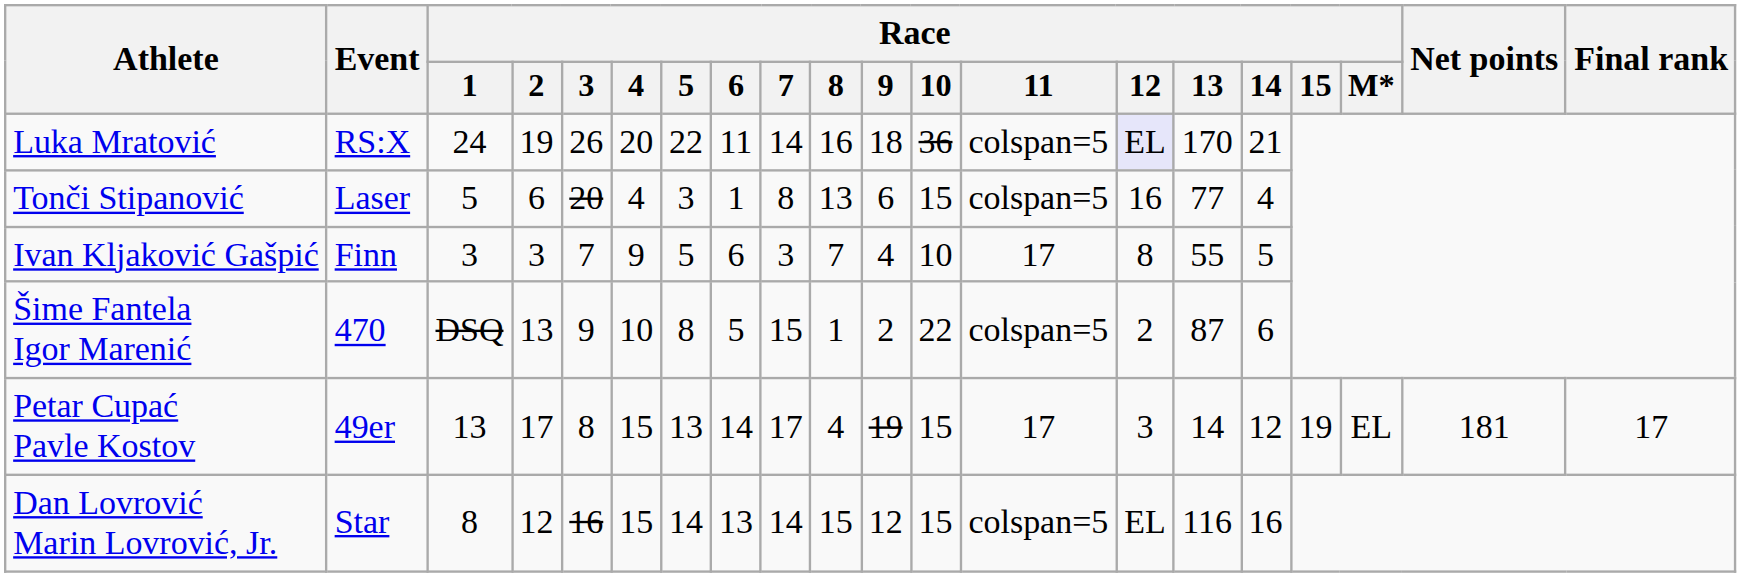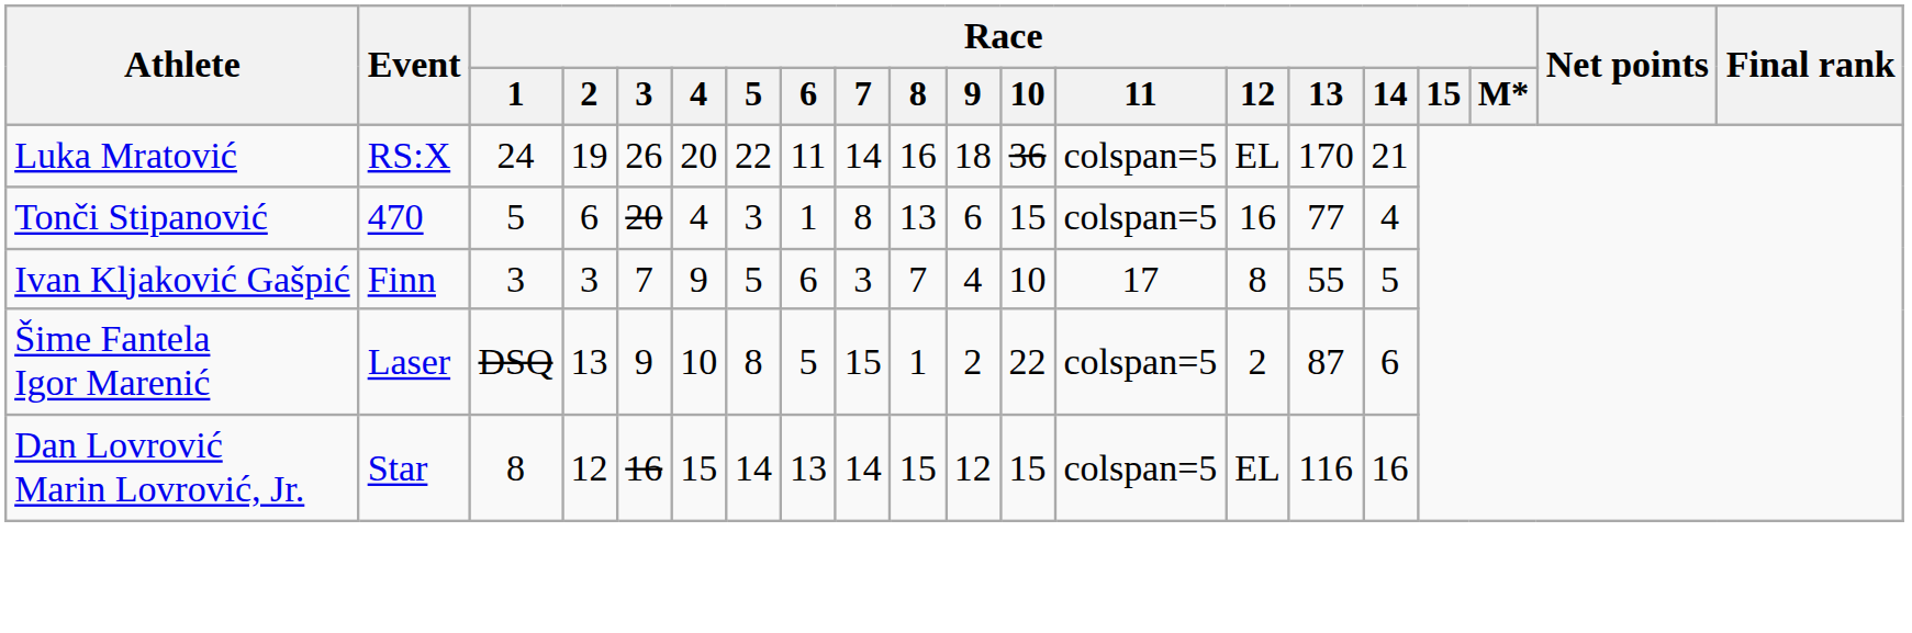 <table class="wikitable" style="font-size:90%">
 <tr>
 <th rowspan="2">Athlete</th>
 <th rowspan="2">Event</th>
 <th colspan=16>Race</th>
 <th rowspan=2>Net points</th>
 <th rowspan=2>Final rank</th>
 </tr>
 <tr style="font-size:95%">
 <th>1</th>
 <th>2</th>
 <th>3</th>
 <th>4</th>
 <th>5</th>
 <th>6</th>
 <th>7</th>
 <th>8</th>
 <th>9</th>
 <th>10</th>
 <th>11</th>
 <th>12</th>
 <th>13</th>
 <th>14</th>
 <th>15</th>
 <th>M*</th>
 </tr>
 <tr align=center>
 <td align=left><a href='#'>Luka Mratović</a></td>
 <td align=left><a href='#'>RS:X</a></td>
 <td>24</td>
 <td>19</td>
 <td>26</td>
 <td>20</td>
 <td>22</td>
 <td>11</td>
 <td>14</td>
 <td>16</td>
 <td>18</td>
 <td><s>36</s></td>
 <td>colspan=5 </td>
-<td style="background: lavender;">EL</td>
+<td>EL</td>
 <td>170</td>
 <td>21</td>
 </tr>
 <tr align=center>
 <td align=left><a href='#'>Tonči Stipanović</a></td>
-<td align=left><a href='#'>Laser</a></td>
+<td align=left><a href='#'>470</a></td>
 <td>5</td>
 <td>6</td>
 <td><s>20</s></td>
 <td>4</td>
 <td>3</td>
 <td>1</td>
 <td>8</td>
 <td>13</td>
 <td>6</td>
 <td>15</td>
 <td>colspan=5 </td>
 <td>16</td>
 <td>77</td>
 <td>4</td>
 </tr>
 <tr align=center>
 <td align=left><a href='#'>Ivan Kljaković Gašpić</a></td>
 <td align=left><a href='#'>Finn</a></td>
 <td>3</td>
 <td>3</td>
 <td>7</td>
 <td>9</td>
 <td>5</td>
 <td>6</td>
 <td>3</td>
 <td>7</td>
 <td>4</td>
 <td>10</td>
 <td>17</td>
 <td>8</td>
 <td>55</td>
 <td>5</td>
 </tr>
 <tr align=center>
 <td align=left><a href='#'>Šime Fantela</a><br><a href='#'>Igor Marenić</a></td>
-<td align=left><a href='#'>470</a></td>
+<td align=left><a href='#'>Laser</a></td>
 <td><s>DSQ</s></td>
 <td>13</td>
 <td>9</td>
 <td>10</td>
 <td>8</td>
 <td>5</td>
 <td>15</td>
 <td>1</td>
 <td>2</td>
 <td>22</td>
 <td>colspan=5 </td>
 <td>2</td>
 <td>87</td>
 <td>6</td>
-</tr>
-<tr align=center>
-<td align=left><a href='#'>Petar Cupać</a><br><a href='#'>Pavle Kostov</a></td>
-<td align=left><a href='#'>49er</a></td>
-<td>13</td>
-<td>17</td>
-<td>8</td>
-<td>15</td>
-<td>13</td>
-<td>14</td>
-<td>17</td>
-<td>4</td>
-<td><s>19</s></td>
-<td>15</td>
-<td>17</td>
-<td>3</td>
-<td>14</td>
-<td>12</td>
-<td>19</td>
-<td>EL</td>
-<td>181</td>
-<td>17</td>
 </tr>
 <tr align=center>
 <td align=left><a href='#'>Dan Lovrović</a><br><a href='#'>Marin Lovrović, Jr.</a></td>
 <td align=left><a href='#'>Star</a></td>
 <td>8</td>
 <td>12</td>
 <td><s>16</s></td>
 <td>15</td>
 <td>14</td>
 <td>13</td>
 <td>14</td>
 <td>15</td>
 <td>12</td>
 <td>15</td>
 <td>colspan=5 </td>
 <td>EL</td>
 <td>116</td>
 <td>16</td>
 </tr>
 </table>
